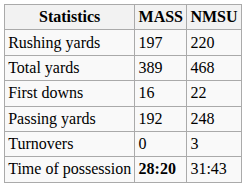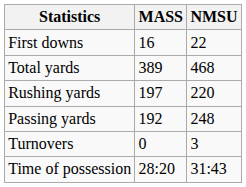 <table class="wikitable" style="float: left;">
 <tr>
 <th>Statistics</th>
 <th>MASS</th>
 <th>NMSU</th>
 </tr>
 <tr>
-<td>Rushing yards</td>
-<td>197</td>
-<td>220</td>
+<td>First downs</td>
+<td>16</td>
+<td>22</td>
 </tr>
 <tr>
 <td>Total yards</td>
 <td>389</td>
 <td>468</td>
 </tr>
 <tr>
-<td>First downs</td>
-<td>16</td>
-<td>22</td>
+<td>Rushing yards</td>
+<td>197</td>
+<td>220</td>
 </tr>
 <tr>
 <td>Passing yards</td>
 <td>192</td>
 <td>248</td>
 </tr>
 <tr>
 <td>Turnovers</td>
 <td>0</td>
 <td>3</td>
 </tr>
 <tr>
 <td>Time of possession</td>
-<td><strong>28:20</strong></td>
+<td>28:20</td>
 <td>31:43</td>
 </tr>
 <tr>
 </tr>
 </table>
